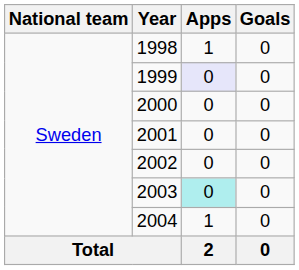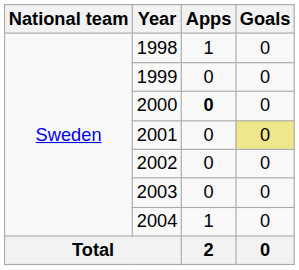 <table class="wikitable" style="text-align:center">
 <tr>
 <th>National team</th>
 <th>Year</th>
 <th>Apps</th>
 <th>Goals</th>
 </tr>
 <tr>
 <td rowspan="7"><a href='#'>Sweden</a></td>
 <td>1998</td>
 <td>1</td>
 <td>0</td>
 </tr>
 <tr>
 <td>1999</td>
-<td style="background: lavender;">0</td>
+<td>0</td>
 <td>0</td>
 </tr>
 <tr>
 <td>2000</td>
-<td>0</td>
+<td><strong>0</strong></td>
 <td>0</td>
 </tr>
 <tr>
 <td>2001</td>
 <td>0</td>
-<td>0</td>
+<td style="background: khaki;">0</td>
 </tr>
 <tr>
 <td>2002</td>
 <td>0</td>
 <td>0</td>
 </tr>
 <tr>
 <td>2003</td>
-<td style="background: paleturquoise;">0</td>
+<td>0</td>
 <td>0</td>
 </tr>
 <tr>
 <td>2004</td>
 <td>1</td>
 <td>0</td>
 </tr>
 <tr>
 <th colspan="2">Total</th>
 <th>2</th>
 <th>0</th>
 </tr>
 </table>
